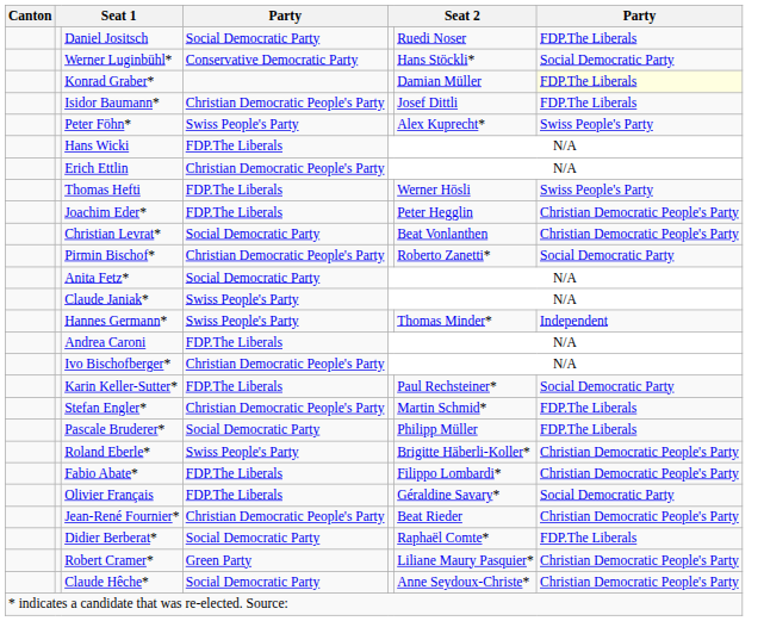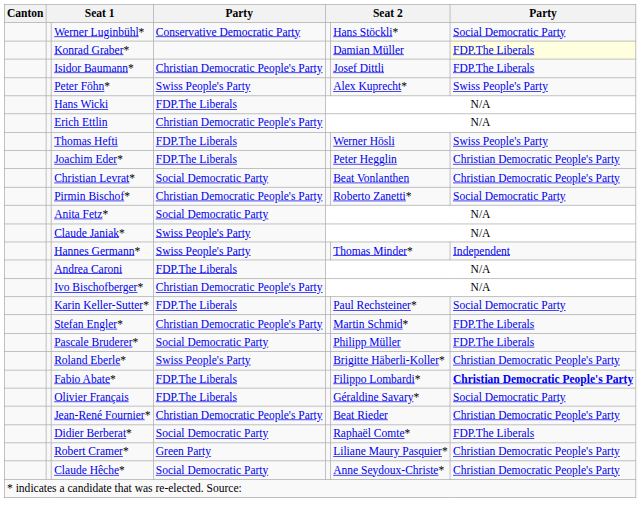 <table class="wikitable sortable">
 <tr>
 <th>Canton</th>
 <th colspan=2>Seat 1</th>
 <th>Party</th>
 <th colspan=2>Seat 2</th>
 <th>Party</th>
-</tr>
-<tr>
-<td></td>
-<td style="background-color:"></td>
-<td><a href='#'>Daniel Jositsch</a></td>
-<td><a href='#'>Social Democratic Party</a></td>
-<td style="background-color:"></td>
-<td><a href='#'>Ruedi Noser</a></td>
-<td><a href='#'>FDP.The Liberals</a></td>
 </tr>
 <tr>
 <td></td>
 <td style="background-color:"></td>
 <td><a href='#'>Werner Luginbühl</a>*</td>
 <td><a href='#'>Conservative Democratic Party</a></td>
 <td style="background-color:"></td>
 <td><a href='#'>Hans Stöckli</a>*</td>
 <td><a href='#'>Social Democratic Party</a></td>
 </tr>
 <tr>
 <td></td>
 <td style="background-color:"></td>
 <td><a href='#'>Konrad Graber</a>*</td>
 <td></td>
 <td style="background-color:"></td>
 <td><a href='#'>Damian Müller</a></td>
 <td style="background: lightyellow;"><a href='#'>FDP.The Liberals</a></td>
 </tr>
 <tr>
 <td></td>
 <td style="background-color:"></td>
 <td><a href='#'>Isidor Baumann</a>*</td>
 <td><a href='#'>Christian Democratic People's Party</a></td>
 <td style="background-color:"></td>
 <td><a href='#'>Josef Dittli</a></td>
 <td><a href='#'>FDP.The Liberals</a></td>
 </tr>
 <tr>
 <td></td>
 <td style="background-color:"></td>
 <td><a href='#'>Peter Föhn</a>*</td>
 <td><a href='#'>Swiss People's Party</a></td>
 <td style="background-color:"></td>
 <td><a href='#'>Alex Kuprecht</a>*</td>
 <td><a href='#'>Swiss People's Party</a></td>
 </tr>
 <tr>
 <td></td>
 <td style="background-color:"></td>
 <td><a href='#'>Hans Wicki</a></td>
 <td><a href='#'>FDP.The Liberals</a></td>
 <td colspan="3" style="background:white; text-align:center;">N/A</td>
 </tr>
 <tr>
 <td></td>
 <td style="background-color:"></td>
 <td><a href='#'>Erich Ettlin</a></td>
 <td><a href='#'>Christian Democratic People's Party</a></td>
 <td colspan="3" style="background:white; text-align:center;">N/A</td>
 </tr>
 <tr>
 <td></td>
 <td style="background-color:"></td>
 <td><a href='#'>Thomas Hefti</a></td>
 <td><a href='#'>FDP.The Liberals</a></td>
 <td style="background-color:"></td>
 <td><a href='#'>Werner Hösli</a></td>
 <td><a href='#'>Swiss People's Party</a></td>
 </tr>
 <tr>
 <td></td>
 <td style="background-color:"></td>
 <td><a href='#'>Joachim Eder</a>*</td>
 <td><a href='#'>FDP.The Liberals</a></td>
 <td style="background-color:"></td>
 <td><a href='#'>Peter Hegglin</a></td>
 <td><a href='#'>Christian Democratic People's Party</a></td>
 </tr>
 <tr>
 <td></td>
 <td style="background-color:"></td>
 <td><a href='#'>Christian Levrat</a>*</td>
 <td><a href='#'>Social Democratic Party</a></td>
 <td style="background-color:"></td>
 <td><a href='#'>Beat Vonlanthen</a></td>
 <td><a href='#'>Christian Democratic People's Party</a></td>
 </tr>
 <tr>
 <td></td>
 <td style="background-color:"></td>
 <td><a href='#'>Pirmin Bischof</a>*</td>
 <td><a href='#'>Christian Democratic People's Party</a></td>
 <td style="background-color:"></td>
 <td><a href='#'>Roberto Zanetti</a>*</td>
 <td><a href='#'>Social Democratic Party</a></td>
 </tr>
 <tr>
 <td></td>
 <td style="background-color:"></td>
 <td><a href='#'>Anita Fetz</a>*</td>
 <td><a href='#'>Social Democratic Party</a></td>
 <td colspan="3" style="background:white; text-align:center;">N/A</td>
 </tr>
 <tr>
 <td></td>
 <td style="background-color:"></td>
 <td><a href='#'>Claude Janiak</a>*</td>
 <td><a href='#'>Swiss People's Party</a></td>
 <td colspan="3" style="background:white; text-align:center;">N/A</td>
 </tr>
 <tr>
 <td></td>
 <td style="background-color:"></td>
 <td><a href='#'>Hannes Germann</a>*</td>
 <td><a href='#'>Swiss People's Party</a></td>
 <td style="background-color:"></td>
 <td><a href='#'>Thomas Minder</a>*</td>
 <td><a href='#'>Independent</a></td>
 </tr>
 <tr>
 <td></td>
 <td style="background-color:"></td>
 <td><a href='#'>Andrea Caroni</a></td>
 <td><a href='#'>FDP.The Liberals</a></td>
 <td colspan="3" style="background:white; text-align:center;">N/A</td>
 </tr>
 <tr>
 <td></td>
 <td style="background-color:"></td>
 <td><a href='#'>Ivo Bischofberger</a>*</td>
 <td><a href='#'>Christian Democratic People's Party</a></td>
 <td colspan="3" style="background:white; text-align:center;">N/A</td>
 </tr>
 <tr>
 <td></td>
 <td style="background-color:"></td>
 <td><a href='#'>Karin Keller-Sutter</a>*</td>
 <td><a href='#'>FDP.The Liberals</a></td>
 <td style="background-color:"></td>
 <td><a href='#'>Paul Rechsteiner</a>*</td>
 <td><a href='#'>Social Democratic Party</a></td>
 </tr>
 <tr>
 <td></td>
 <td style="background-color:"></td>
 <td><a href='#'>Stefan Engler</a>*</td>
 <td><a href='#'>Christian Democratic People's Party</a></td>
 <td style="background-color:"></td>
 <td><a href='#'>Martin Schmid</a>*</td>
 <td><a href='#'>FDP.The Liberals</a></td>
 </tr>
 <tr>
 <td></td>
 <td style="background-color:"></td>
 <td><a href='#'>Pascale Bruderer</a>*</td>
 <td><a href='#'>Social Democratic Party</a></td>
 <td style="background-color:"></td>
 <td><a href='#'>Philipp Müller</a></td>
 <td><a href='#'>FDP.The Liberals</a></td>
 </tr>
 <tr>
 <td></td>
 <td style="background-color:"></td>
 <td><a href='#'>Roland Eberle</a>*</td>
 <td><a href='#'>Swiss People's Party</a></td>
 <td style="background-color:"></td>
 <td><a href='#'>Brigitte Häberli-Koller</a>*</td>
 <td><a href='#'>Christian Democratic People's Party</a></td>
 </tr>
 <tr>
 <td></td>
 <td style="background-color:"></td>
 <td><a href='#'>Fabio Abate</a>*</td>
 <td><a href='#'>FDP.The Liberals</a></td>
 <td style="background-color:"></td>
 <td><a href='#'>Filippo Lombardi</a>*</td>
-<td><a href='#'>Christian Democratic People's Party</a></td>
+<td><strong><a href='#'>Christian Democratic People's Party</a></strong></td>
 </tr>
 <tr>
 <td></td>
 <td style="background-color:"></td>
 <td><a href='#'>Olivier Français</a></td>
 <td><a href='#'>FDP.The Liberals</a></td>
 <td style="background-color:"></td>
 <td><a href='#'>Géraldine Savary</a>*</td>
 <td><a href='#'>Social Democratic Party</a></td>
 </tr>
 <tr>
 <td></td>
 <td style="background-color:"></td>
 <td><a href='#'>Jean-René Fournier</a>*</td>
 <td><a href='#'>Christian Democratic People's Party</a></td>
 <td style="background-color:"></td>
 <td><a href='#'>Beat Rieder</a></td>
 <td><a href='#'>Christian Democratic People's Party</a></td>
 </tr>
 <tr>
 <td></td>
 <td style="background-color:"></td>
 <td><a href='#'>Didier Berberat</a>*</td>
 <td><a href='#'>Social Democratic Party</a></td>
 <td style="background-color:"></td>
 <td><a href='#'>Raphaël Comte</a>*</td>
 <td><a href='#'>FDP.The Liberals</a></td>
 </tr>
 <tr>
 <td></td>
 <td style="background-color:"></td>
 <td><a href='#'>Robert Cramer</a>*</td>
 <td><a href='#'>Green Party</a></td>
 <td style="background-color:"></td>
 <td><a href='#'>Liliane Maury Pasquier</a>*</td>
 <td><a href='#'>Christian Democratic People's Party</a></td>
 </tr>
 <tr>
 <td></td>
 <td style="background-color:"></td>
 <td><a href='#'>Claude Hêche</a>*</td>
 <td><a href='#'>Social Democratic Party</a></td>
 <td style="background-color:"></td>
 <td><a href='#'>Anne Seydoux-Christe</a>*</td>
 <td><a href='#'>Christian Democratic People's Party</a></td>
 </tr>
 <tr>
 <td colspan=7>* indicates a candidate that was re-elected. Source: </td>
 </tr>
 </table>
